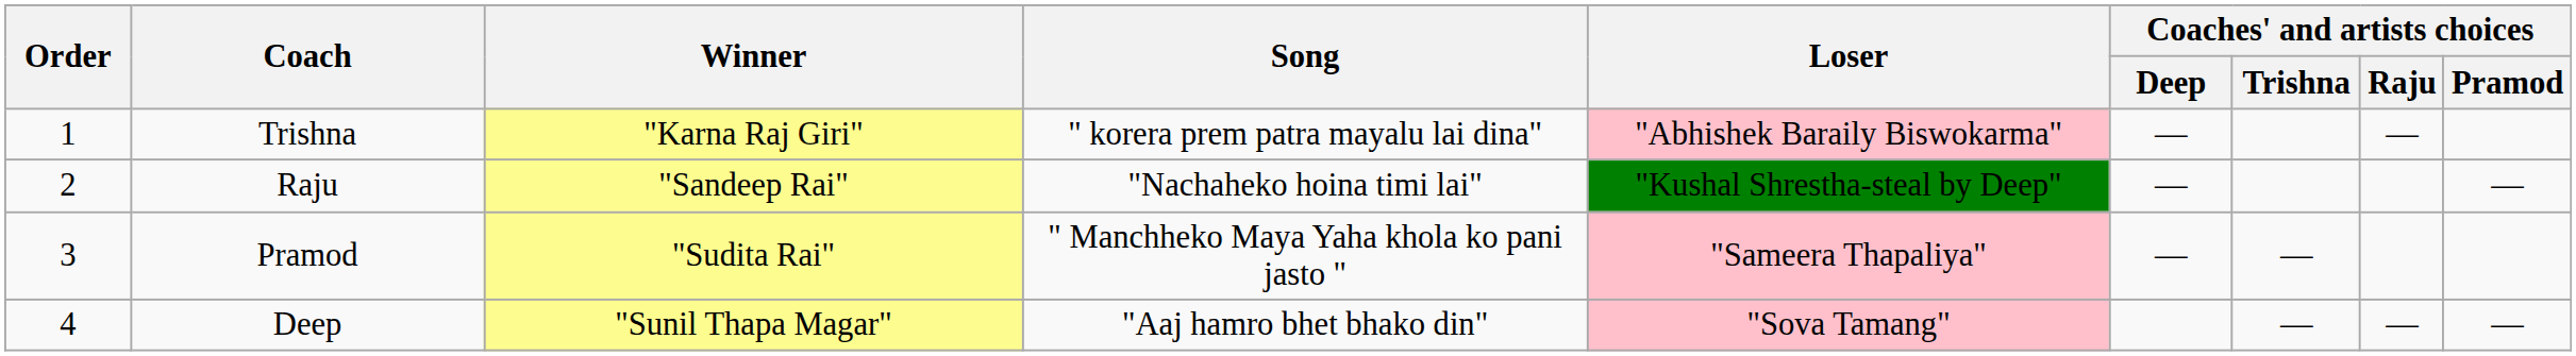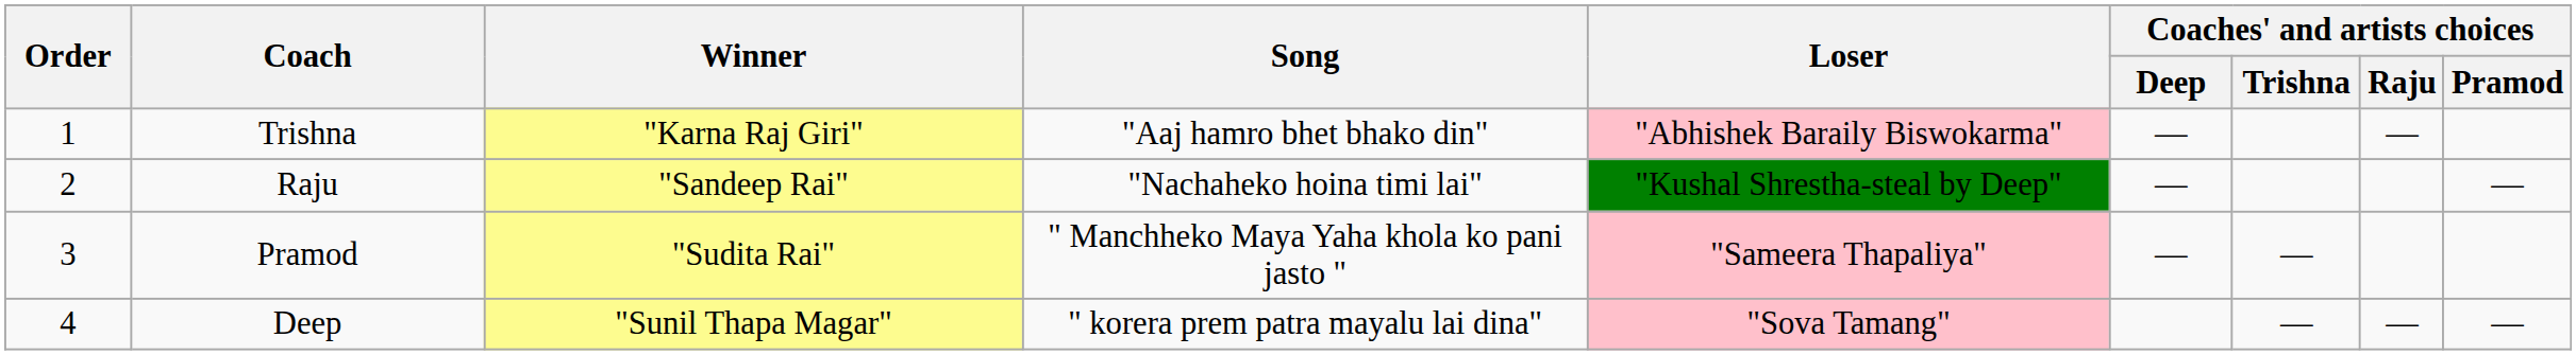 <table class="wikitable plainrowheaders" style="text-align:center; width:100%;">
 <tr>
 <th scope="col" style="width:05%;" rowspan="2">Order</th>
 <th scope="col" style="width:15%;" rowspan="2">Coach</th>
 <th scope="col" style="width:23%;" rowspan="2">Winner</th>
 <th scope="col" style="width:24%;" rowspan="2">Song</th>
 <th scope="col" style="width:22%;" rowspan="2">Loser</th>
 <th scope="col" style="width:20%;" colspan="4">Coaches' and artists choices</th>
 </tr>
 <tr>
 <th scope="col" style="width:05%;">Deep</th>
 <th scope="col" style="width:05%;">Trishna</th>
 <th scope="col" style="width:05%;">Raju</th>
 <th scope="col" style="width:05%;">Pramod</th>
 </tr>
 <tr>
 <td scope="row">1</td>
 <td>Trishna</td>
 <td style="background:#fdfc8f;text-align:center;">"Karna Raj Giri"</td>
-<td>" korera prem patra mayalu lai dina"</td>
+<td>"Aaj hamro bhet bhako din"</td>
 <td style="background:pink;text-align:center;">"Abhishek Baraily Biswokarma"</td>
 <td>—</td>
 <td></td>
 <td>—</td>
 </tr>
 <tr>
 <td scope="row">2</td>
 <td>Raju</td>
 <td style="background:#fdfc8f;text-align:center;">"Sandeep Rai"</td>
 <td>"Nachaheko hoina timi lai"</td>
 <td style="background:green;text-align:center;">"Kushal Shrestha-steal by Deep"</td>
 <td>—</td>
 <td></td>
 <td></td>
 <td>—</td>
 </tr>
 <tr>
 <td scope="row">3</td>
 <td>Pramod</td>
 <td style="background:#fdfc8f;text-align:center;">"Sudita Rai"</td>
 <td>" Manchheko Maya Yaha khola ko pani jasto "</td>
 <td style="background:pink;text-align:center;">"Sameera Thapaliya"</td>
 <td>—</td>
 <td>—</td>
 <td></td>
 </tr>
 <tr>
 <td scope="row">4</td>
 <td>Deep</td>
 <td style="background:#fdfc8f;text-align:center;">"Sunil Thapa Magar"</td>
-<td>"Aaj hamro bhet bhako din"</td>
+<td>" korera prem patra mayalu lai dina"</td>
 <td style="background:pink;text-align:center;">"Sova Tamang"</td>
 <td></td>
 <td>—</td>
 <td>—</td>
 <td>—</td>
 </tr>
 </table>
